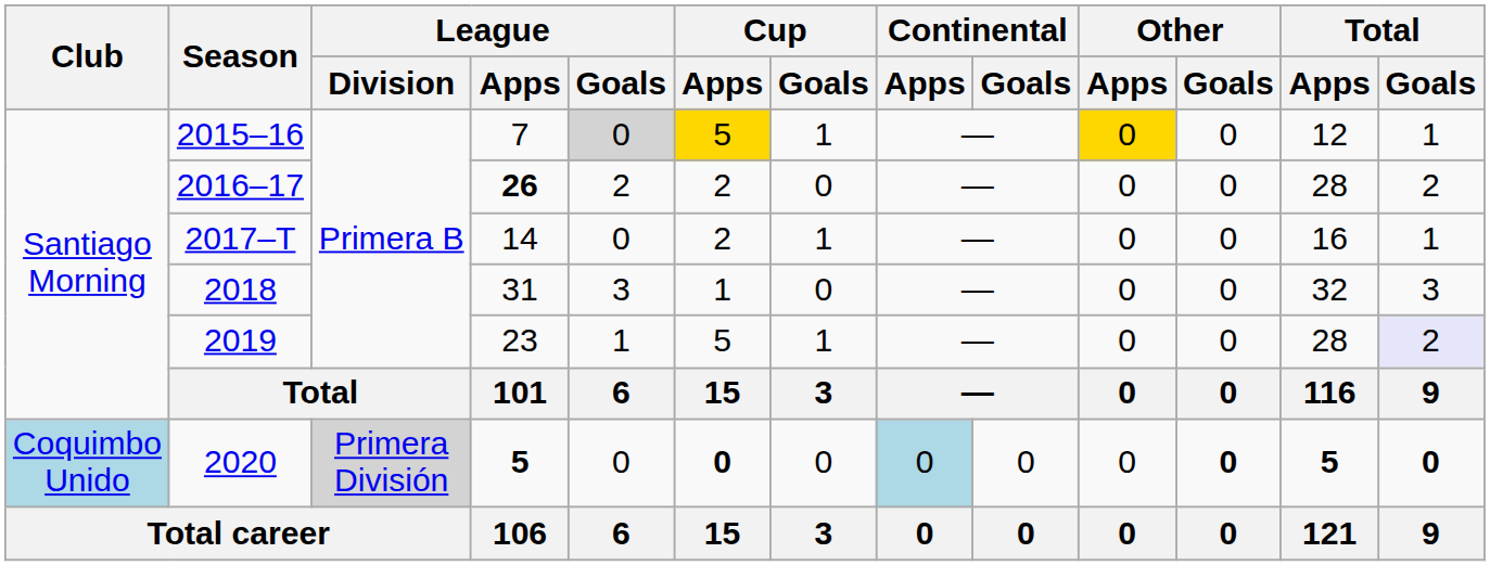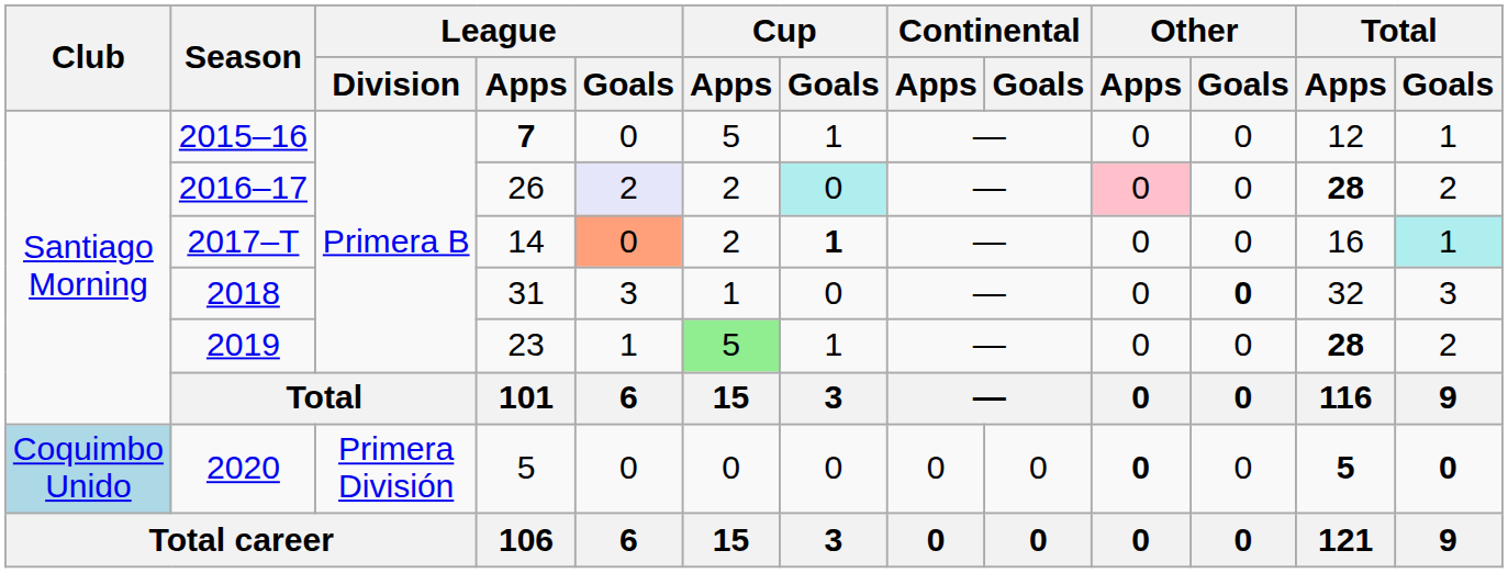 <table class="wikitable" style="text-align: center">
 <tr>
 <th rowspan="2">Club</th>
 <th rowspan="2">Season</th>
 <th colspan="3">League</th>
 <th colspan="2">Cup</th>
 <th colspan="2">Continental</th>
 <th colspan="2">Other</th>
 <th colspan="2">Total</th>
 </tr>
 <tr>
 <th>Division</th>
 <th>Apps</th>
 <th>Goals</th>
 <th>Apps</th>
 <th>Goals</th>
 <th>Apps</th>
 <th>Goals</th>
 <th>Apps</th>
 <th>Goals</th>
 <th>Apps</th>
 <th>Goals</th>
 </tr>
 <tr>
 <td rowspan="6"><a href='#'>Santiago<br>Morning</a></td>
 <td><a href='#'>2015–16</a></td>
 <td rowspan="5"><a href='#'>Primera B</a></td>
-<td>7</td>
-<td style="background: lightgrey;">0</td>
-<td style="background: gold;">5</td>
+<td><strong>7</strong></td>
+<td>0</td>
+<td>5</td>
 <td>1</td>
 <td colspan="2">—</td>
-<td style="background: gold;">0</td>
+<td>0</td>
 <td>0</td>
 <td>12</td>
 <td>1</td>
 </tr>
 <tr>
 <td><a href='#'>2016–17</a></td>
-<td><strong>26</strong></td>
+<td>26</td>
+<td style="background: lavender;">2</td>
 <td>2</td>
-<td>2</td>
+<td style="background: paleturquoise;">0</td>
+<td colspan="2">—</td>
+<td style="background: pink;">0</td>
 <td>0</td>
-<td colspan="2">—</td>
-<td>0</td>
-<td>0</td>
-<td>28</td>
+<td><strong>28</strong></td>
 <td>2</td>
 </tr>
 <tr>
 <td><a href='#'>2017–T</a></td>
 <td>14</td>
-<td>0</td>
+<td style="background: lightsalmon;">0</td>
 <td>2</td>
-<td>1</td>
+<td><strong>1</strong></td>
 <td colspan="2">—</td>
 <td>0</td>
 <td>0</td>
 <td>16</td>
-<td>1</td>
+<td style="background: paleturquoise;">1</td>
 </tr>
 <tr>
 <td><a href='#'>2018</a></td>
 <td>31</td>
 <td>3</td>
 <td>1</td>
 <td>0</td>
 <td colspan="2">—</td>
 <td>0</td>
-<td>0</td>
+<td><strong>0</strong></td>
 <td>32</td>
 <td>3</td>
 </tr>
 <tr>
 <td><a href='#'>2019</a></td>
 <td>23</td>
 <td>1</td>
-<td>5</td>
+<td style="background: lightgreen;">5</td>
 <td>1</td>
 <td colspan="2">—</td>
 <td>0</td>
 <td>0</td>
-<td>28</td>
-<td style="background: lavender;">2</td>
+<td><strong>28</strong></td>
+<td>2</td>
 </tr>
 <tr>
 <th colspan="2"><strong>Total</strong></th>
 <th>101</th>
 <th>6</th>
 <th>15</th>
 <th>3</th>
 <th colspan="2">—</th>
 <th>0</th>
 <th>0</th>
 <th>116</th>
 <th>9</th>
 </tr>
 <tr>
 <td style="background: lightblue;"><a href='#'>Coquimbo<br>Unido</a></td>
 <td><a href='#'>2020</a></td>
-<td style="background: lightgrey;"><a href='#'>Primera<br>División</a></td>
-<td><strong>5</strong></td>
+<td><a href='#'>Primera<br>División</a></td>
+<td>5</td>
+<td>0</td>
+<td>0</td>
+<td>0</td>
+<td>0</td>
 <td>0</td>
 <td><strong>0</strong></td>
 <td>0</td>
-<td style="background: lightblue;">0</td>
-<td>0</td>
-<td>0</td>
-<td><strong>0</strong></td>
 <td><strong>5</strong></td>
 <td><strong>0</strong></td>
 </tr>
 <tr>
 <th colspan="3"><strong>Total career</strong></th>
 <th>106</th>
 <th>6</th>
 <th>15</th>
 <th>3</th>
 <th>0</th>
 <th>0</th>
 <th>0</th>
 <th>0</th>
 <th>121</th>
 <th>9</th>
 </tr>
 </table>
